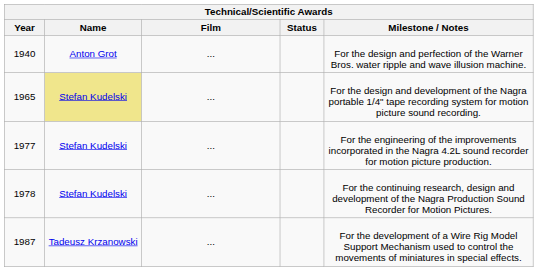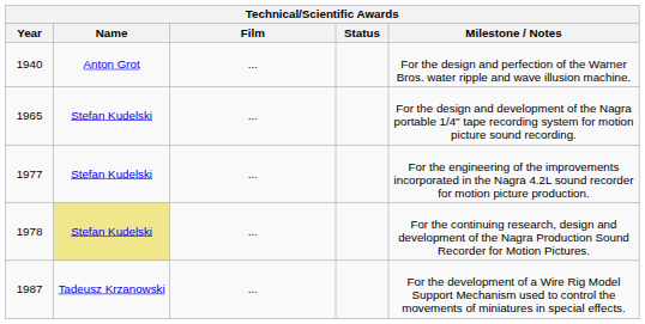 <table class="wikitable" style="text-align: center">
 <tr>
 <th colspan=6 style="text-align:center;">Technical/Scientific Awards</th>
 </tr>
 <tr>
 <th style="width:075px;">Year</th>
 <th style="width:200px;">Name</th>
 <th style="width:350px;">Film</th>
 <th style="width:075px;">Status</th>
 <th style="width:500px;">Milestone / Notes</th>
 </tr>
 <tr>
 <td>1940</td>
 <td><a href='#'>Anton Grot</a></td>
 <td>...</td>
 <td></td>
 <td><br>For the design and perfection of the Warner Bros. water ripple and wave illusion machine.</td>
 </tr>
 <tr>
 <td>1965</td>
-<td style="background: khaki;"><a href='#'>Stefan Kudelski</a></td>
+<td><a href='#'>Stefan Kudelski</a></td>
 <td>...</td>
 <td></td>
 <td><br>For the design and development of the Nagra portable 1/4" tape recording system for motion picture sound recording.</td>
 </tr>
 <tr>
 <td>1977</td>
 <td><a href='#'>Stefan Kudelski</a></td>
 <td>...</td>
 <td></td>
 <td><br>For the engineering of the improvements incorporated in the Nagra 4.2L sound recorder for motion picture production.</td>
 </tr>
 <tr>
 <td>1978</td>
-<td><a href='#'>Stefan Kudelski</a></td>
+<td style="background: khaki;"><a href='#'>Stefan Kudelski</a></td>
 <td>...</td>
 <td></td>
 <td><br>For the continuing research, design and development of the Nagra Production Sound Recorder for Motion Pictures.</td>
 </tr>
 <tr>
 <td>1987</td>
 <td><a href='#'>Tadeusz Krzanowski</a></td>
 <td>...</td>
 <td></td>
 <td><br>For the development of a Wire Rig Model Support Mechanism used to control the movements of miniatures in special effects.</td>
 </tr>
 </table>
